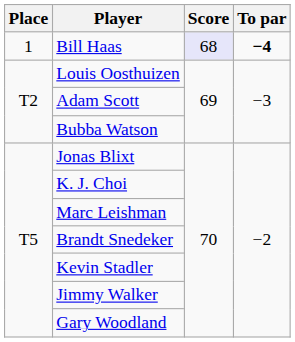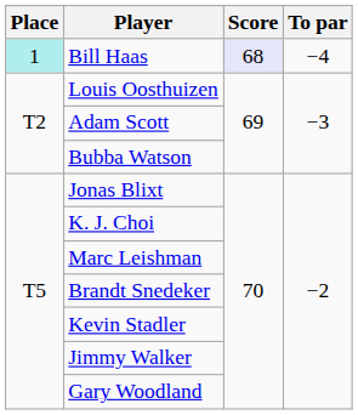 <table class="wikitable">
 <tr>
 <th>Place</th>
 <th>Player</th>
 <th>Score</th>
 <th>To par</th>
 </tr>
 <tr>
-<td align=center>1</td>
+<td align=center style="background: paleturquoise;">1</td>
 <td> <a href='#'>Bill Haas</a></td>
 <td align=center style="background: lavender;">68</td>
-<td align=center><strong>−4</strong></td>
+<td align=center>−4</td>
 </tr>
 <tr>
 <td align=center rowspan=3>T2</td>
 <td> <a href='#'>Louis Oosthuizen</a></td>
 <td align=center rowspan=3>69</td>
 <td align=center rowspan=3>−3</td>
 </tr>
 <tr>
 <td> <a href='#'>Adam Scott</a></td>
 </tr>
 <tr>
 <td> <a href='#'>Bubba Watson</a></td>
 </tr>
 <tr>
 <td align=center rowspan=7>T5</td>
 <td> <a href='#'>Jonas Blixt</a></td>
 <td align=center rowspan=7>70</td>
 <td align=center rowspan=7>−2</td>
 </tr>
 <tr>
 <td> <a href='#'>K. J. Choi</a></td>
 </tr>
 <tr>
 <td> <a href='#'>Marc Leishman</a></td>
 </tr>
 <tr>
 <td> <a href='#'>Brandt Snedeker</a></td>
 </tr>
 <tr>
 <td> <a href='#'>Kevin Stadler</a></td>
 </tr>
 <tr>
 <td> <a href='#'>Jimmy Walker</a></td>
 </tr>
 <tr>
 <td> <a href='#'>Gary Woodland</a></td>
 </tr>
 </table>
